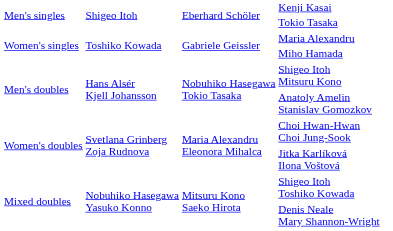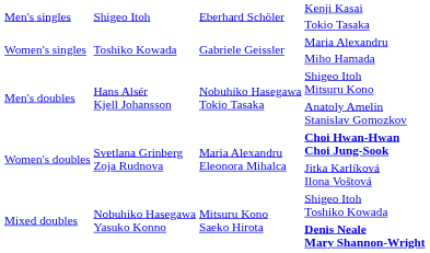 <table>
 <tr>
 <td rowspan=2><a href='#'>Men's singles</a></td>
 <td rowspan=2> <a href='#'>Shigeo Itoh</a></td>
 <td rowspan=2> <a href='#'>Eberhard Schöler</a></td>
 <td> <a href='#'>Kenji Kasai</a></td>
 </tr>
 <tr>
 <td> <a href='#'>Tokio Tasaka</a></td>
 </tr>
 <tr>
 <td rowspan=2><a href='#'>Women's singles</a></td>
 <td rowspan=2> <a href='#'>Toshiko Kowada</a></td>
 <td rowspan=2> <a href='#'>Gabriele Geissler</a></td>
 <td> <a href='#'>Maria Alexandru</a></td>
 </tr>
 <tr>
 <td> <a href='#'>Miho Hamada</a></td>
 </tr>
 <tr>
 <td rowspan=2><a href='#'>Men's doubles</a></td>
 <td rowspan=2> <a href='#'>Hans Alsér</a><br> <a href='#'>Kjell Johansson</a></td>
 <td rowspan=2> <a href='#'>Nobuhiko Hasegawa</a><br> <a href='#'>Tokio Tasaka</a></td>
 <td> <a href='#'>Shigeo Itoh</a><br> <a href='#'>Mitsuru Kono</a></td>
 </tr>
 <tr>
 <td> <a href='#'>Anatoly Amelin</a><br> <a href='#'>Stanislav Gomozkov</a></td>
 </tr>
 <tr>
 <td rowspan=2><a href='#'>Women's doubles</a></td>
 <td rowspan=2> <a href='#'>Svetlana Grinberg</a><br> <a href='#'>Zoja Rudnova</a></td>
 <td rowspan=2> <a href='#'>Maria Alexandru</a><br> <a href='#'>Eleonora Mihalca</a></td>
-<td> <a href='#'>Choi Hwan-Hwan</a><br> <a href='#'>Choi Jung-Sook</a></td>
+<td><strong> <a href='#'>Choi Hwan-Hwan</a><br> <a href='#'>Choi Jung-Sook</a></strong></td>
 </tr>
 <tr>
 <td> <a href='#'>Jitka Karlíková</a><br> <a href='#'>Ilona Voštová</a></td>
 </tr>
 <tr>
 <td rowspan=2><a href='#'>Mixed doubles</a></td>
 <td rowspan=2> <a href='#'>Nobuhiko Hasegawa</a><br> <a href='#'>Yasuko Konno</a></td>
 <td rowspan=2> <a href='#'>Mitsuru Kono</a><br> <a href='#'>Saeko Hirota</a></td>
 <td> <a href='#'>Shigeo Itoh</a><br> <a href='#'>Toshiko Kowada</a></td>
 </tr>
 <tr>
-<td> <a href='#'>Denis Neale</a><br> <a href='#'>Mary Shannon-Wright</a></td>
+<td><strong> <a href='#'>Denis Neale</a><br> <a href='#'>Mary Shannon-Wright</a></strong></td>
 </tr>
 </table>
